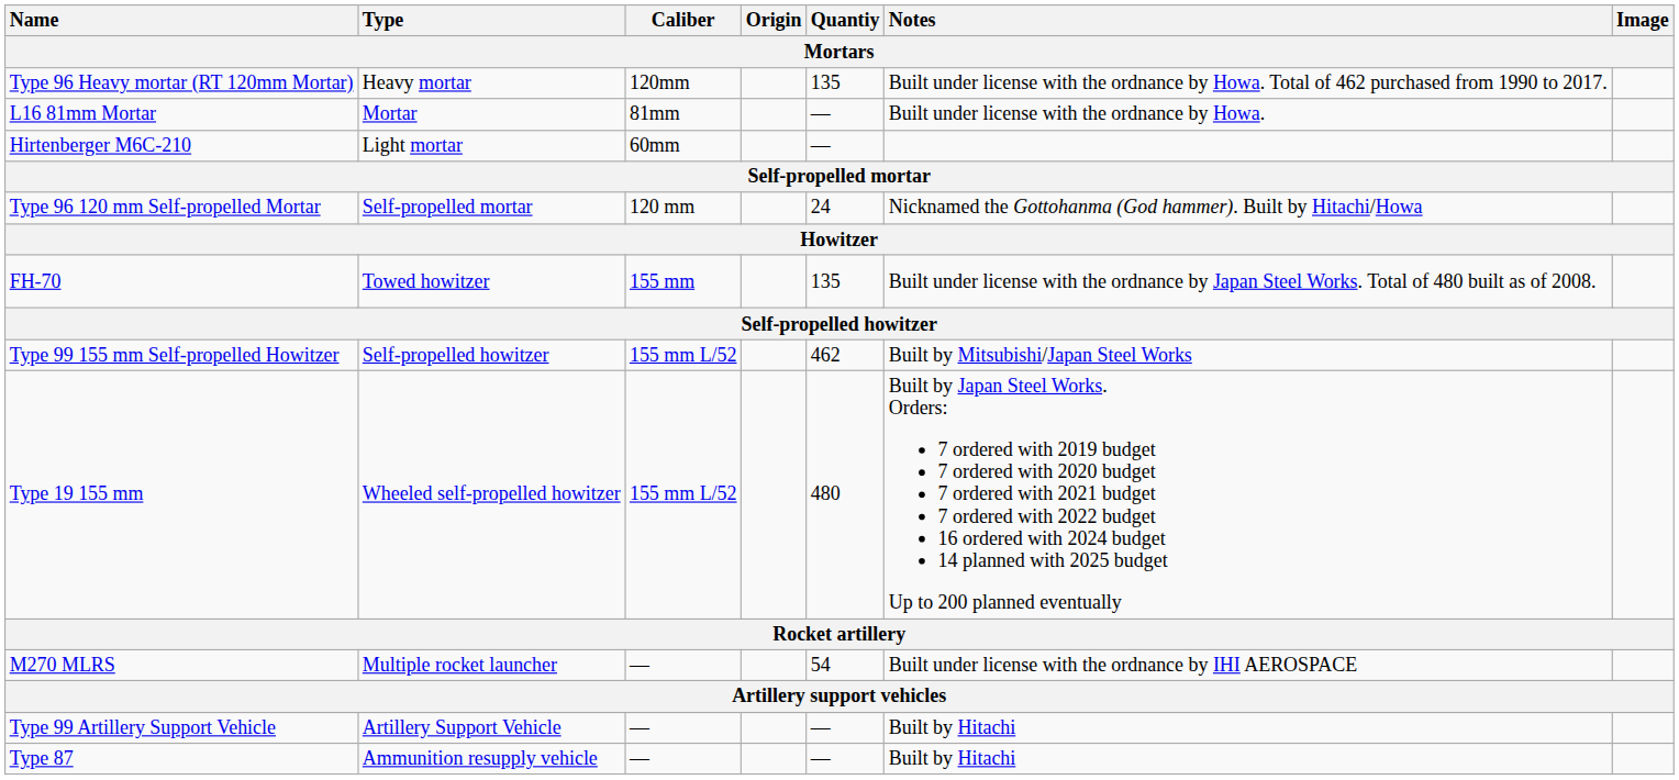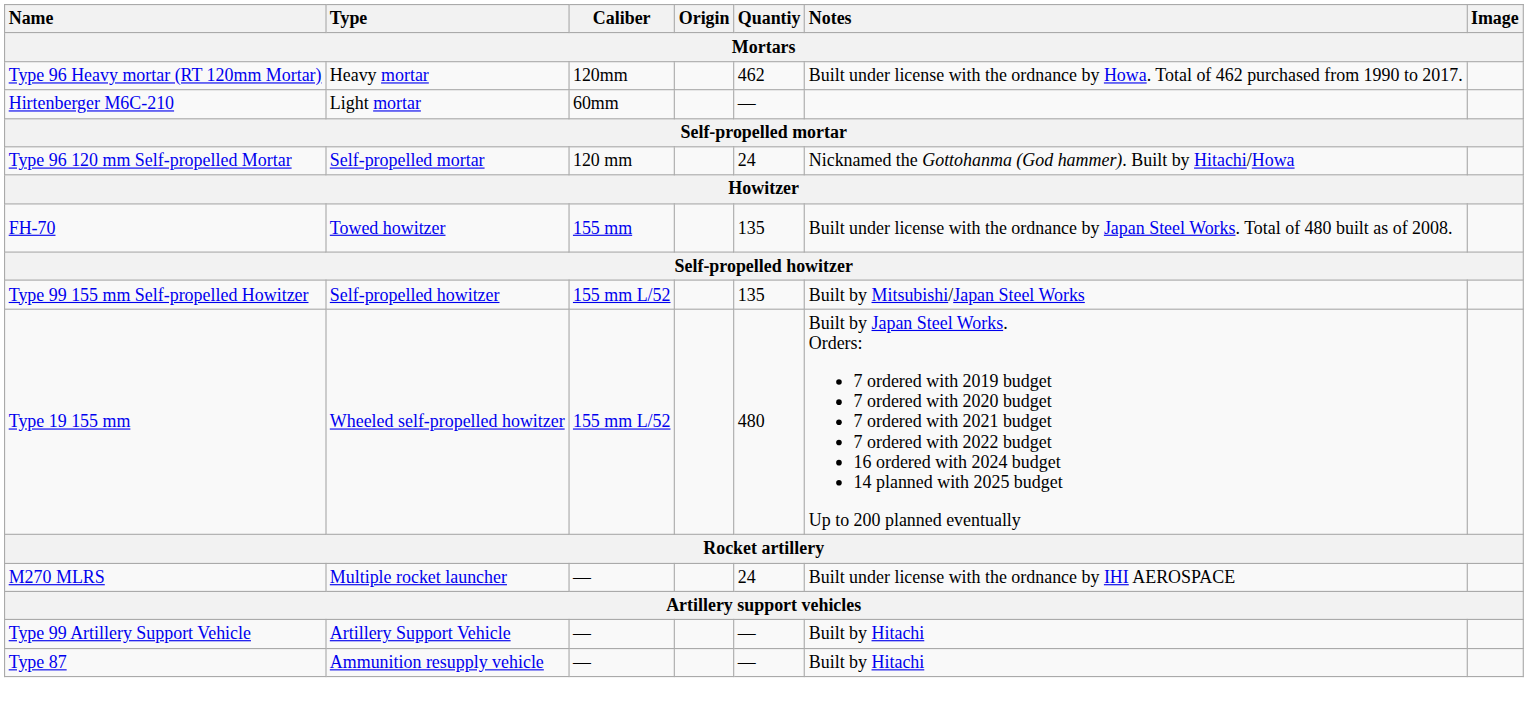 <table class="wikitable">
 <tr>
 <th style="text-align: left;">Name</th>
 <th style="text-align: left;">Type</th>
 <th>Caliber</th>
 <th style="text-align: left;">Origin</th>
 <th>Quantiy</th>
 <th style="text-align: left;">Notes</th>
 <th style="text-align: left;">Image</th>
 </tr>
 <tr>
 <th colspan="7" style="align: center;">Mortars</th>
 </tr>
 <tr>
 <td><a href='#'>Type 96 Heavy mortar (RT 120mm Mortar)</a></td>
 <td>Heavy <a href='#'>mortar</a></td>
 <td>120mm</td>
 <td></td>
-<td>135</td>
+<td>462</td>
 <td>Built under license with the ordnance by <a href='#'>Howa</a>. Total of 462 purchased from 1990 to 2017.</td>
-<td></td>
-</tr>
-<tr>
-<td><a href='#'>L16 81mm Mortar</a></td>
-<td><a href='#'>Mortar</a></td>
-<td>81mm</td>
-<td></td>
-<td>—</td>
-<td>Built under license with the ordnance by <a href='#'>Howa</a>.</td>
 <td></td>
 </tr>
 <tr>
 <td><a href='#'>Hirtenberger M6C-210</a></td>
 <td>Light <a href='#'>mortar</a></td>
 <td>60mm</td>
 <td></td>
 <td>—</td>
 <td></td>
 <td></td>
 </tr>
 <tr>
 <th colspan="7">Self-propelled mortar</th>
 </tr>
 <tr>
 <td><a href='#'>Type 96 120 mm Self-propelled Mortar</a></td>
 <td><a href='#'>Self-propelled mortar</a></td>
 <td>120 mm</td>
 <td></td>
 <td>24</td>
 <td>Nicknamed the <em>Gottohanma (God hammer)</em>. Built by <a href='#'>Hitachi</a>/<a href='#'>Howa</a></td>
 <td></td>
 </tr>
 <tr>
 <th colspan="7" style="align: center;">Howitzer</th>
 </tr>
 <tr>
 <td><a href='#'>FH-70</a></td>
 <td><a href='#'>Towed howitzer</a></td>
 <td><a href='#'>155 mm</a></td>
 <td><br><br></td>
 <td>135</td>
 <td>Built under license with the ordnance by <a href='#'>Japan Steel Works</a>. Total of 480 built as of 2008.</td>
 <td></td>
 </tr>
 <tr>
 <th colspan="7">Self-propelled howitzer</th>
 </tr>
 <tr>
 <td><a href='#'>Type 99 155 mm Self-propelled Howitzer</a></td>
 <td><a href='#'>Self-propelled howitzer</a></td>
 <td><a href='#'>155 mm L/52</a></td>
 <td></td>
-<td>462</td>
+<td>135</td>
 <td>Built by <a href='#'>Mitsubishi</a>/<a href='#'>Japan Steel Works</a></td>
 <td></td>
 </tr>
 <tr>
 <td><a href='#'>Type 19 155 mm</a></td>
 <td><a href='#'>Wheeled self-propelled howitzer</a></td>
 <td><a href='#'>155 mm L/52</a></td>
 <td></td>
 <td>480</td>
 <td>Built by <a href='#'>Japan Steel Works</a>.<br>Orders:<ul><li>7 ordered with 2019 budget</li><li>7 ordered with 2020 budget</li><li>7 ordered with 2021 budget</li><li>7 ordered with 2022 budget</li><li>16 ordered with 2024 budget</li><li>14 planned with 2025 budget</li></ul>Up to 200 planned eventually </td>
 <td></td>
 </tr>
 <tr>
 <th colspan="7">Rocket artillery</th>
 </tr>
 <tr>
 <td><a href='#'>M270 MLRS</a></td>
 <td><a href='#'>Multiple rocket launcher</a></td>
 <td>—</td>
 <td></td>
-<td>54</td>
+<td>24</td>
 <td>Built under license with the ordnance by <a href='#'>IHI</a> AEROSPACE</td>
 <td></td>
 </tr>
 <tr>
 <th colspan="7">Artillery support vehicles</th>
 </tr>
 <tr>
 <td><a href='#'>Type 99 Artillery Support Vehicle</a></td>
 <td><a href='#'>Artillery Support Vehicle</a></td>
 <td>—</td>
 <td></td>
 <td>—</td>
 <td>Built by <a href='#'>Hitachi</a></td>
 <td></td>
 </tr>
 <tr>
 <td><a href='#'>Type 87</a></td>
 <td><a href='#'>Ammunition resupply vehicle</a></td>
 <td>—</td>
 <td></td>
 <td>—</td>
 <td>Built by <a href='#'>Hitachi</a></td>
 <td></td>
 </tr>
 </table>
